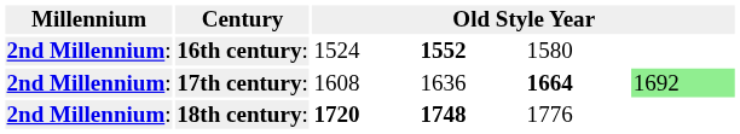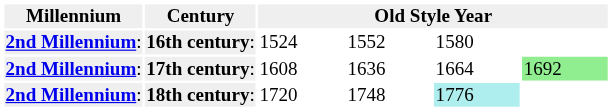 <table>
 <tr style="background-color:#efefef;">
 <th>Millennium</th>
 <th>Century</th>
 <th align="center" colspan="11">Old Style Year</th>
 </tr>
 <tr>
 <td style="background-color:#efefef;"><strong><a href='#'>2nd Millennium</a></strong>:</td>
 <td style="background-color:#efefef;"><strong>16th century</strong>:</td>
 <td width=70px>1524</td>
-<td width=70px><strong>1552</strong></td>
+<td width=70px>1552</td>
 <td width=70px>1580</td>
 <td width=70px> </td>
 </tr>
 <tr>
 <td style="background-color:#efefef;"><strong><a href='#'>2nd Millennium</a></strong>:</td>
 <td style="background-color:#efefef;"><strong>17th century</strong>:</td>
 <td width=70px>1608</td>
 <td width=70px>1636</td>
-<td width=70px><strong>1664</strong></td>
+<td width=70px>1664</td>
 <td width=70px style="background: lightgreen;">1692</td>
 </tr>
 <tr>
 <td style="background-color:#efefef;"><strong><a href='#'>2nd Millennium</a></strong>:</td>
 <td style="background-color:#efefef;"><strong>18th century</strong>:</td>
-<td width=70px><strong>1720</strong></td>
-<td width=70px><strong>1748</strong></td>
-<td width=70px>1776</td>
+<td width=70px>1720</td>
+<td width=70px>1748</td>
+<td width=70px style="background: paleturquoise;">1776</td>
 <td width=70px> </td>
 </tr>
 </table>
